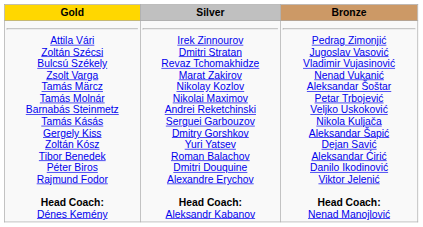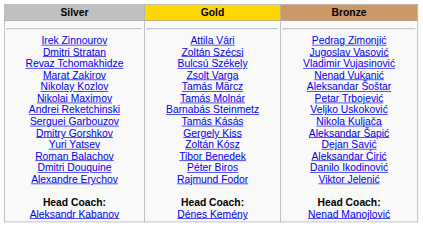 <table class="wikitable" style="font-size:95%; text-align:center;">
 <tr>
+<td style="width: 15em" bgcolor="silver"><strong>Silver</strong></td>
 <td style="width: 15em" bgcolor="gold"><strong>Gold</strong></td>
-<td style="width: 15em" bgcolor="silver"><strong>Silver</strong></td>
 <td style="width: 15em" bgcolor="CC9966"><strong>Bronze</strong></td>
 </tr>
 <tr valign="top">
+<td><hr><a href='#'>Irek Zinnourov</a><br><a href='#'>Dmitri Stratan</a><br><a href='#'>Revaz Tchomakhidze</a><br><a href='#'>Marat Zakirov</a><br><a href='#'>Nikolay Kozlov</a><br><a href='#'>Nikolai Maximov</a><br><a href='#'>Andrei Reketchinski</a><br><a href='#'>Serguei Garbouzov</a><br><a href='#'>Dmitry Gorshkov</a><br><a href='#'>Yuri Yatsev</a><br><a href='#'>Roman Balachov</a><br><a href='#'>Dmitri Douquine</a><br><a href='#'>Alexandre Erychov</a><br><br><strong>Head Coach:</strong><br><a href='#'>Aleksandr Kabanov</a></td>
 <td><hr><a href='#'>Attila Vári</a><br><a href='#'>Zoltán Szécsi</a><br><a href='#'>Bulcsú Székely</a><br><a href='#'>Zsolt Varga</a><br><a href='#'>Tamás Märcz</a><br><a href='#'>Tamás Molnár</a><br><a href='#'>Barnabás Steinmetz</a><br><a href='#'>Tamás Kásás</a><br><a href='#'>Gergely Kiss</a><br><a href='#'>Zoltán Kósz</a><br><a href='#'>Tibor Benedek</a><br><a href='#'>Péter Biros</a><br><a href='#'>Rajmund Fodor</a><br><br><strong>Head Coach:</strong><br><a href='#'>Dénes Kemény</a></td>
-<td><hr><a href='#'>Irek Zinnourov</a><br><a href='#'>Dmitri Stratan</a><br><a href='#'>Revaz Tchomakhidze</a><br><a href='#'>Marat Zakirov</a><br><a href='#'>Nikolay Kozlov</a><br><a href='#'>Nikolai Maximov</a><br><a href='#'>Andrei Reketchinski</a><br><a href='#'>Serguei Garbouzov</a><br><a href='#'>Dmitry Gorshkov</a><br><a href='#'>Yuri Yatsev</a><br><a href='#'>Roman Balachov</a><br><a href='#'>Dmitri Douquine</a><br><a href='#'>Alexandre Erychov</a><br><br><strong>Head Coach:</strong><br><a href='#'>Aleksandr Kabanov</a></td>
 <td><hr><a href='#'>Pedrag Zimonjić</a><br><a href='#'>Jugoslav Vasović</a><br><a href='#'>Vladimir Vujasinović</a><br><a href='#'>Nenad Vukanić</a><br><a href='#'>Aleksandar Šoštar</a><br><a href='#'>Petar Trbojević</a><br><a href='#'>Veljko Uskoković</a><br><a href='#'>Nikola Kuljača</a><br><a href='#'>Aleksandar Šapić</a><br><a href='#'>Dejan Savić</a><br><a href='#'>Aleksandar Ćirić</a><br><a href='#'>Danilo Ikodinović</a><br><a href='#'>Viktor Jelenić</a><br><br><strong>Head Coach:</strong><br><a href='#'>Nenad Manojlović</a></td>
 </tr>
 </table>
